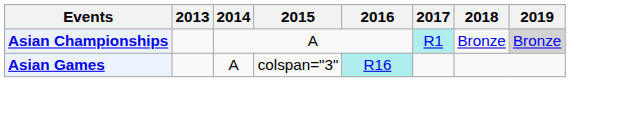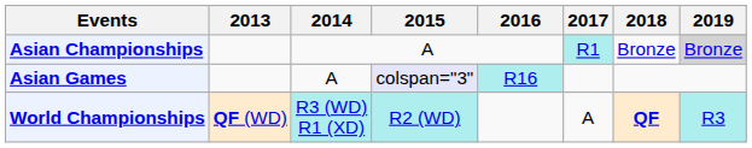 <table class="wikitable" style="font-size: 90%; text-align:center">
 <tr>
 <th>Events</th>
 <th>2013</th>
 <th>2014</th>
 <th>2015</th>
 <th>2016</th>
 <th>2017</th>
 <th>2018</th>
 <th>2019</th>
 </tr>
 <tr>
 <td bgcolor="#ECF2FF"; align="left"><strong><a href='#'>Asian Championships</a></strong></td>
 <td></td>
 <td colspan="3">A</td>
 <td bgcolor=AFEEEE><a href='#'>R1</a></td>
 <td> <a href='#'>Bronze</a></td>
 <td style="background: lightgrey;"> <a href='#'>Bronze</a></td>
 </tr>
 <tr>
 <td bgcolor="#ECF2FF"; align="left"><strong><a href='#'>Asian Games</a></strong></td>
 <td></td>
 <td>A</td>
-<td>colspan="3" </td>
+<td style="background: lavender;">colspan="3" </td>
 <td bgcolor=AFEEEE style="width: 60px"><a href='#'>R16</a></td>
 <td></td>
 </tr>
+<tr>
+<td bgcolor="#ECF2FF"; align="left"><strong><a href='#'>World Championships</a></strong></td>
+<td bgcolor=FFEBCD><a href='#'><strong>QF</strong> (WD)</a></td>
+<td bgcolor=AFEEEE><a href='#'>R3 (WD)</a> <br> <a href='#'>R1 (XD)</a></td>
+<td bgcolor=AFEEEE><a href='#'>R2 (WD)</a></td>
+<td></td>
+<td>A</td>
+<td bgcolor=FFEBCD><a href='#'><strong>QF</strong></a></td>
+<td bgcolor=AFEEEE><a href='#'>R3</a></td>
+</tr>
 </table>
